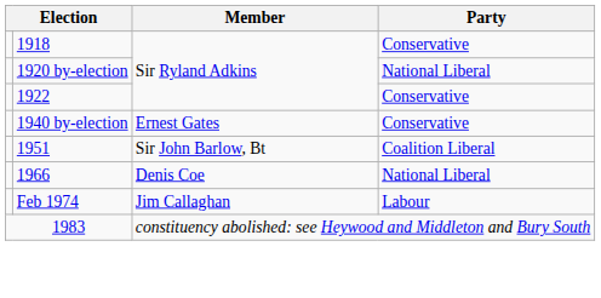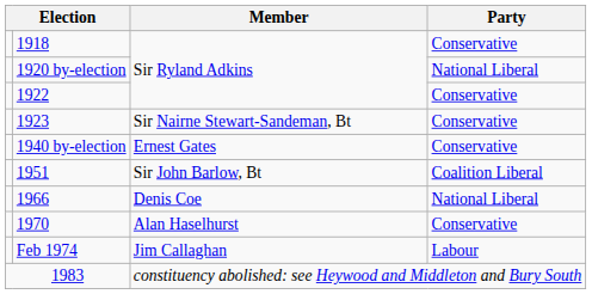 <table class="wikitable">
 <tr>
 <th colspan="2">Election</th>
 <th>Member</th>
 <th>Party</th>
 </tr>
 <tr>
 <td style="color:inherit;background-color: "></td>
 <td><a href='#'>1918</a></td>
 <td rowspan="3">Sir <a href='#'>Ryland Adkins</a></td>
 <td><a href='#'>Conservative</a></td>
 </tr>
 <tr>
 <td style="color:inherit;background-color: "></td>
 <td><a href='#'>1920 by-election</a></td>
 <td><a href='#'>National Liberal</a></td>
 </tr>
 <tr>
 <td style="color:inherit;background-color: "></td>
 <td><a href='#'>1922</a></td>
 <td><a href='#'>Conservative</a></td>
 </tr>
 <tr>
 <td style="color:inherit;background-color: "></td>
+<td><a href='#'>1923</a></td>
+<td>Sir <a href='#'>Nairne Stewart-Sandeman</a>, Bt</td>
+<td><a href='#'>Conservative</a></td>
+</tr>
+<tr>
+<td style="color:inherit;background-color: "></td>
 <td><a href='#'>1940 by-election</a></td>
 <td><a href='#'>Ernest Gates</a></td>
 <td><a href='#'>Conservative</a></td>
 </tr>
 <tr>
 <td style="color:inherit;background-color: "></td>
 <td><a href='#'>1951</a></td>
 <td>Sir <a href='#'>John Barlow</a>, Bt</td>
 <td><a href='#'>Coalition Liberal</a></td>
 </tr>
 <tr>
 <td style="color:inherit;background-color: "></td>
 <td><a href='#'>1966</a></td>
 <td><a href='#'>Denis Coe</a></td>
 <td><a href='#'>National Liberal</a></td>
 </tr>
 <tr>
 <td style="color:inherit;background-color: "></td>
+<td><a href='#'>1970</a></td>
+<td><a href='#'>Alan Haselhurst</a></td>
+<td><a href='#'>Conservative</a></td>
+</tr>
+<tr>
+<td style="color:inherit;background-color: "></td>
 <td><a href='#'>Feb 1974</a></td>
 <td><a href='#'>Jim Callaghan</a></td>
 <td><a href='#'>Labour</a></td>
 </tr>
 <tr>
 <td colspan="2" align="center"><a href='#'>1983</a></td>
 <td colspan="2"><em>constituency abolished: see <a href='#'>Heywood and Middleton</a> and <a href='#'>Bury South</a></em></td>
 </tr>
 </table>
